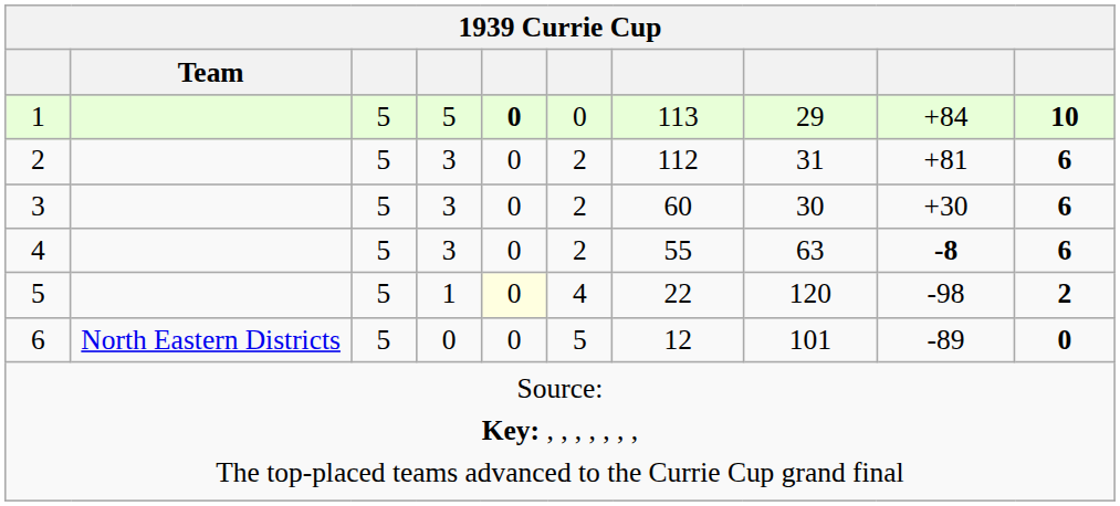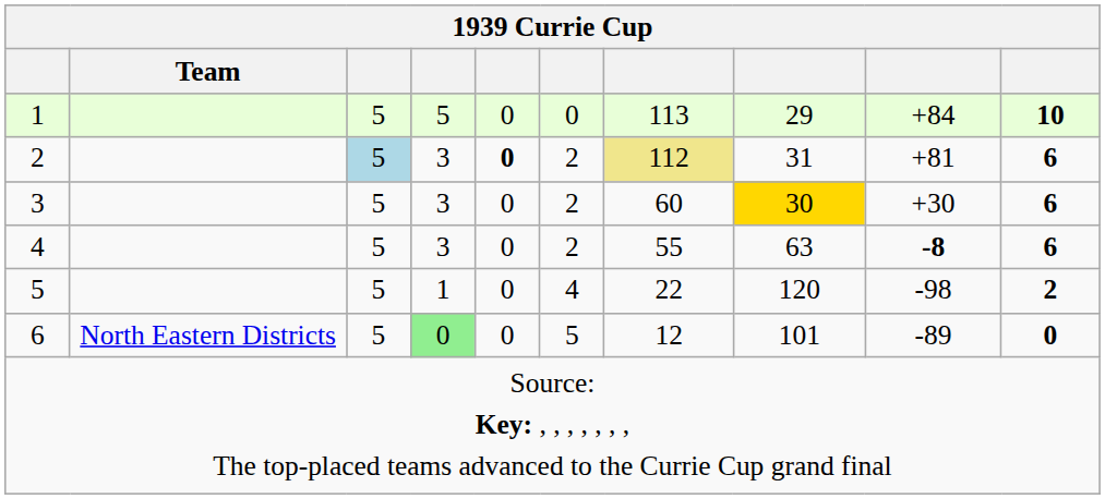 <table class="wikitable" style="min-width:50%; text-align:center">
 <tr>
 <th colspan="100%"><strong>1939 Currie Cup</strong></th>
 </tr>
 <tr>
 <th style="padding:0;"></th>
 <th style="width:9.5em;">Team</th>
 <th></th>
 <th></th>
 <th></th>
 <th></th>
 <th></th>
 <th></th>
 <th></th>
 <th><br></th>
 </tr>
 <tr style="background:#E8FFD8;">
 <td>1</td>
 <td align=left></td>
 <td>5</td>
 <td>5</td>
-<td><strong>0</strong></td>
+<td>0</td>
 <td>0</td>
 <td>113</td>
 <td>29</td>
 <td>+84</td>
 <td><strong>10</strong></td>
 </tr>
 <tr>
 <td>2</td>
 <td align=left></td>
-<td>5</td>
+<td style="background: lightblue;">5</td>
 <td>3</td>
-<td>0</td>
+<td><strong>0</strong></td>
 <td>2</td>
-<td>112</td>
+<td style="background: khaki;">112</td>
 <td>31</td>
 <td>+81</td>
 <td><strong>6</strong></td>
 </tr>
 <tr>
 <td>3</td>
 <td align=left></td>
 <td>5</td>
 <td>3</td>
 <td>0</td>
 <td>2</td>
 <td>60</td>
-<td>30</td>
+<td style="background: gold;">30</td>
 <td>+30</td>
 <td><strong>6</strong></td>
 </tr>
 <tr>
 <td>4</td>
 <td align=left></td>
 <td>5</td>
 <td>3</td>
 <td>0</td>
 <td>2</td>
 <td>55</td>
 <td>63</td>
 <td><strong>-8</strong></td>
 <td><strong>6</strong></td>
 </tr>
 <tr>
 <td>5</td>
 <td align></td>
 <td>5</td>
 <td>1</td>
-<td style="background: lightyellow;">0</td>
+<td>0</td>
 <td>4</td>
 <td>22</td>
 <td>120</td>
 <td>-98</td>
 <td><strong>2</strong></td>
 </tr>
 <tr>
 <td>6</td>
 <td align><a href='#'>North Eastern Districts</a></td>
 <td>5</td>
-<td>0</td>
+<td style="background: lightgreen;">0</td>
 <td>0</td>
 <td>5</td>
 <td>12</td>
 <td>101</td>
 <td>-89</td>
 <td><strong>0</strong></td>
 </tr>
 <tr>
 <td colspan="100%" style="line-height:1.5;"><div> Source: <br><strong>Key:</strong> , , , , , , , <br><span>The top-placed teams</span> advanced to the Currie Cup grand final </div></td>
 </tr>
 </table>
